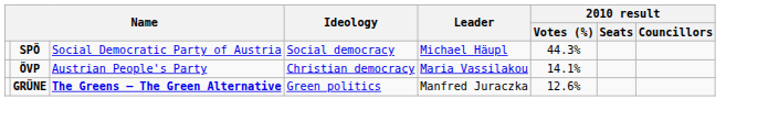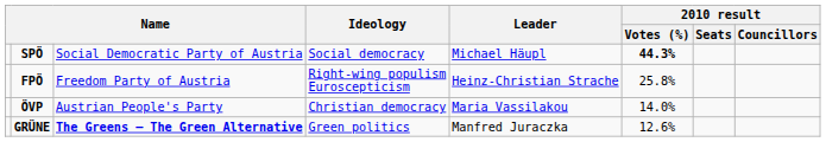 <table class="wikitable">
 <tr>
 <th rowspan="2" colspan="3">Name</th>
 <th rowspan="2">Ideology</th>
 <th rowspan="2">Leader</th>
 <th colspan="3">2010 result</th>
 </tr>
 <tr>
 <th>Votes (%)</th>
 <th>Seats</th>
 <th>Councillors</th>
 </tr>
 <tr>
 <td style="background:"></td>
 <td style="text-align:center;"><strong>SPÖ</strong></td>
 <td><a href='#'>Social Democratic Party of Austria</a><br></td>
 <td><a href='#'>Social democracy</a></td>
 <td><a href='#'>Michael Häupl</a></td>
-<td style="text-align:center;">44.3%</td>
+<td style="text-align:center;"><strong>44.3%</strong></td>
+<td></td>
+<td></td>
+</tr>
+<tr>
+<td style="background:"></td>
+<td style="text-align:center;"><strong>FPÖ</strong></td>
+<td><a href='#'>Freedom Party of Austria</a><br></td>
+<td><a href='#'>Right-wing populism</a><br><a href='#'>Euroscepticism</a></td>
+<td><a href='#'>Heinz-Christian Strache</a></td>
+<td style="text-align:center;">25.8%</td>
 <td></td>
 <td></td>
 </tr>
 <tr>
 <td style="background:"></td>
 <td style="text-align:center;"><strong>ÖVP</strong></td>
 <td><a href='#'>Austrian People's Party</a><br></td>
 <td><a href='#'>Christian democracy</a></td>
 <td><a href='#'>Maria Vassilakou</a></td>
-<td style="text-align:center;">14.1%</td>
+<td style="text-align:center;">14.0%</td>
 <td></td>
 <td></td>
 </tr>
 <tr>
 <td style="background:"></td>
 <td style="text-align:center;"><strong>GRÜNE</strong></td>
 <td><strong><a href='#'>The Greens – The Green Alternative</a><br></strong></td>
 <td><a href='#'>Green politics</a></td>
 <td>Manfred Juraczka</td>
 <td style="text-align:center;">12.6%</td>
 <td></td>
 <td></td>
 </tr>
 </table>
